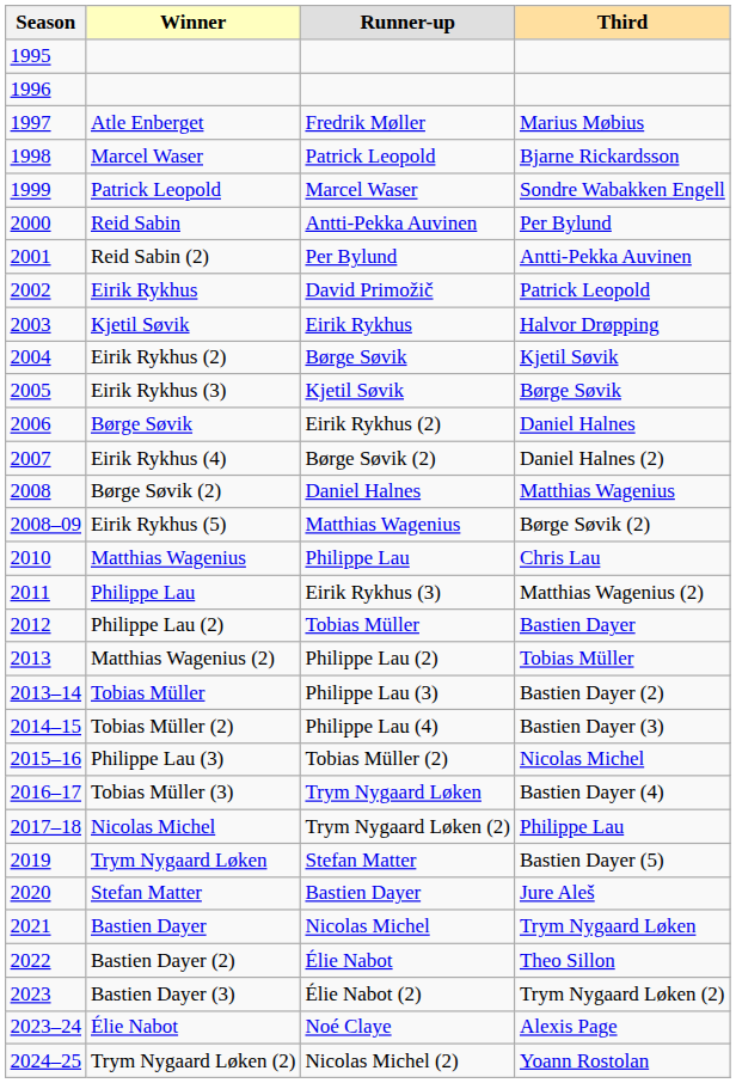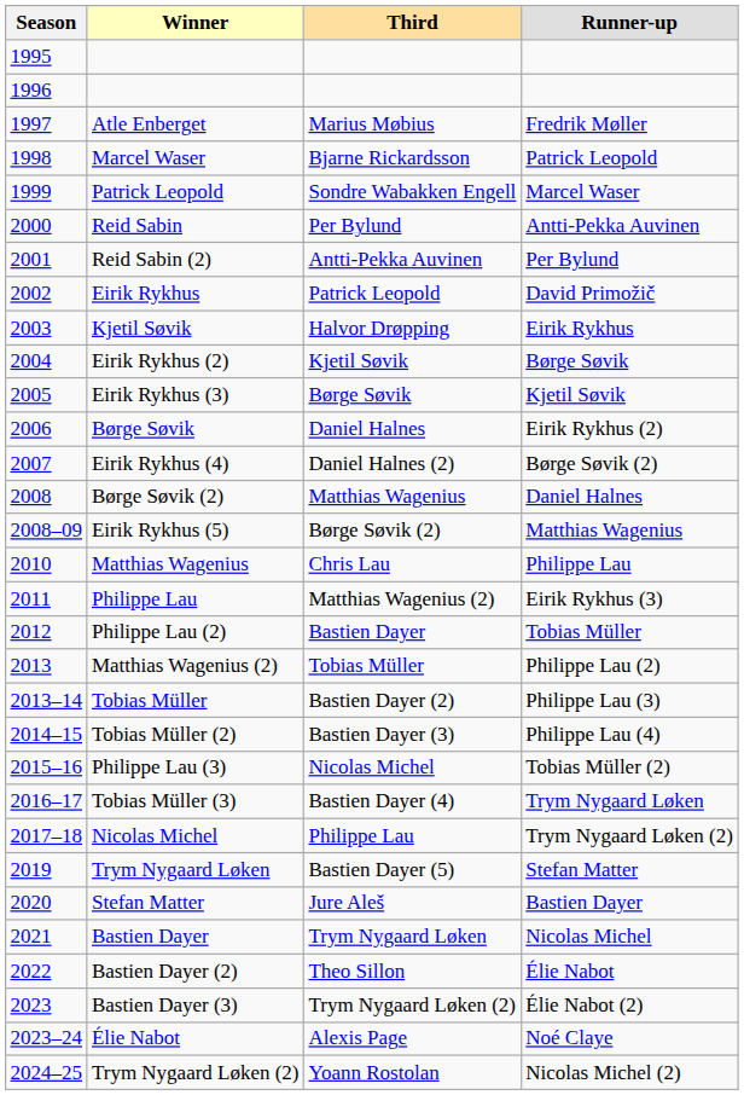 <table class="wikitable" style="font-size: 90%;">
 <tr>
 <th>Season</th>
 <th style="background:#ffffbf;">Winner</th>
+<th style="background:#ffdf9f;">Third</th>
 <th style="background:#dfdfdf;">Runner-up</th>
-<th style="background:#ffdf9f;">Third</th>
 </tr>
 <tr>
 <td><a href='#'>1995</a></td>
 <td></td>
 <td></td>
 <td></td>
 </tr>
 <tr>
 <td><a href='#'>1996</a></td>
 <td></td>
 <td></td>
 <td></td>
 </tr>
 <tr>
 <td><a href='#'>1997</a></td>
 <td> <a href='#'>Atle Enberget</a></td>
+<td> <a href='#'>Marius Møbius</a></td>
 <td> <a href='#'>Fredrik Møller</a></td>
-<td> <a href='#'>Marius Møbius</a></td>
 </tr>
 <tr>
 <td><a href='#'>1998</a></td>
 <td> <a href='#'>Marcel Waser</a></td>
+<td> <a href='#'>Bjarne Rickardsson</a></td>
 <td> <a href='#'>Patrick Leopold</a></td>
-<td> <a href='#'>Bjarne Rickardsson</a></td>
 </tr>
 <tr>
 <td><a href='#'>1999</a></td>
 <td> <a href='#'>Patrick Leopold</a></td>
+<td> <a href='#'>Sondre Wabakken Engell</a></td>
 <td> <a href='#'>Marcel Waser</a></td>
-<td> <a href='#'>Sondre Wabakken Engell</a></td>
 </tr>
 <tr>
 <td><a href='#'>2000</a></td>
 <td> <a href='#'>Reid Sabin</a></td>
+<td> <a href='#'>Per Bylund</a></td>
+<td> <a href='#'>Antti-Pekka Auvinen</a></td>
+</tr>
+<tr>
+<td><a href='#'>2001</a></td>
+<td> Reid Sabin (2)</td>
 <td> <a href='#'>Antti-Pekka Auvinen</a></td>
 <td> <a href='#'>Per Bylund</a></td>
 </tr>
 <tr>
-<td><a href='#'>2001</a></td>
-<td> Reid Sabin (2)</td>
-<td> <a href='#'>Per Bylund</a></td>
-<td> <a href='#'>Antti-Pekka Auvinen</a></td>
-</tr>
-<tr>
 <td><a href='#'>2002</a></td>
 <td> <a href='#'>Eirik Rykhus</a></td>
+<td> <a href='#'>Patrick Leopold</a></td>
 <td> <a href='#'>David Primožič</a></td>
-<td> <a href='#'>Patrick Leopold</a></td>
 </tr>
 <tr>
 <td><a href='#'>2003</a></td>
 <td> <a href='#'>Kjetil Søvik</a></td>
+<td> <a href='#'>Halvor Drøpping</a></td>
 <td> <a href='#'>Eirik Rykhus</a></td>
-<td> <a href='#'>Halvor Drøpping</a></td>
 </tr>
 <tr>
 <td><a href='#'>2004</a></td>
 <td> Eirik Rykhus (2)</td>
+<td> <a href='#'>Kjetil Søvik</a></td>
+<td> <a href='#'>Børge Søvik</a></td>
+</tr>
+<tr>
+<td><a href='#'>2005</a></td>
+<td> Eirik Rykhus (3)</td>
 <td> <a href='#'>Børge Søvik</a></td>
 <td> <a href='#'>Kjetil Søvik</a></td>
 </tr>
 <tr>
-<td><a href='#'>2005</a></td>
-<td> Eirik Rykhus (3)</td>
-<td> <a href='#'>Kjetil Søvik</a></td>
-<td> <a href='#'>Børge Søvik</a></td>
-</tr>
-<tr>
 <td><a href='#'>2006</a></td>
 <td> <a href='#'>Børge Søvik</a></td>
+<td> <a href='#'>Daniel Halnes</a></td>
 <td> Eirik Rykhus (2)</td>
-<td> <a href='#'>Daniel Halnes</a></td>
 </tr>
 <tr>
 <td><a href='#'>2007</a></td>
 <td> Eirik Rykhus (4)</td>
+<td> Daniel Halnes (2)</td>
 <td> Børge Søvik (2)</td>
-<td> Daniel Halnes (2)</td>
 </tr>
 <tr>
 <td><a href='#'>2008</a></td>
 <td> Børge Søvik (2)</td>
+<td> <a href='#'>Matthias Wagenius</a></td>
 <td> <a href='#'>Daniel Halnes</a></td>
-<td> <a href='#'>Matthias Wagenius</a></td>
 </tr>
 <tr>
 <td><a href='#'>2008–09</a></td>
 <td> Eirik Rykhus (5)</td>
+<td> Børge Søvik (2)</td>
 <td> <a href='#'>Matthias Wagenius</a></td>
-<td> Børge Søvik (2)</td>
 </tr>
 <tr>
 <td><a href='#'>2010</a></td>
 <td> <a href='#'>Matthias Wagenius</a></td>
+<td> <a href='#'>Chris Lau</a></td>
 <td> <a href='#'>Philippe Lau</a></td>
-<td> <a href='#'>Chris Lau</a></td>
 </tr>
 <tr>
 <td><a href='#'>2011</a></td>
 <td> <a href='#'>Philippe Lau</a></td>
+<td> Matthias Wagenius (2)</td>
 <td> Eirik Rykhus (3)</td>
-<td> Matthias Wagenius (2)</td>
 </tr>
 <tr>
 <td><a href='#'>2012</a></td>
 <td> Philippe Lau (2)</td>
+<td> <a href='#'>Bastien Dayer</a></td>
 <td> <a href='#'>Tobias Müller</a></td>
-<td> <a href='#'>Bastien Dayer</a></td>
 </tr>
 <tr>
 <td><a href='#'>2013</a></td>
 <td> Matthias Wagenius (2)</td>
+<td> <a href='#'>Tobias Müller</a></td>
 <td> Philippe Lau (2)</td>
-<td> <a href='#'>Tobias Müller</a></td>
 </tr>
 <tr>
 <td><a href='#'>2013–14</a></td>
 <td> <a href='#'>Tobias Müller</a></td>
+<td> Bastien Dayer (2)</td>
 <td> Philippe Lau (3)</td>
-<td> Bastien Dayer (2)</td>
 </tr>
 <tr>
 <td><a href='#'>2014–15</a></td>
 <td> Tobias Müller (2)</td>
+<td> Bastien Dayer (3)</td>
 <td> Philippe Lau (4)</td>
-<td> Bastien Dayer (3)</td>
 </tr>
 <tr>
 <td><a href='#'>2015–16</a></td>
 <td> Philippe Lau (3)</td>
+<td> <a href='#'>Nicolas Michel</a></td>
 <td> Tobias Müller (2)</td>
-<td> <a href='#'>Nicolas Michel</a></td>
 </tr>
 <tr>
 <td><a href='#'>2016–17</a></td>
 <td> Tobias Müller (3)</td>
+<td> Bastien Dayer (4)</td>
 <td> <a href='#'>Trym Nygaard Løken</a></td>
-<td> Bastien Dayer (4)</td>
 </tr>
 <tr>
 <td><a href='#'>2017–18</a></td>
 <td> <a href='#'>Nicolas Michel</a></td>
+<td> <a href='#'>Philippe Lau</a></td>
 <td> Trym Nygaard Løken (2)</td>
-<td> <a href='#'>Philippe Lau</a></td>
 </tr>
 <tr>
 <td><a href='#'>2019</a></td>
 <td> <a href='#'>Trym Nygaard Løken</a></td>
+<td> Bastien Dayer (5)</td>
 <td> <a href='#'>Stefan Matter</a></td>
-<td> Bastien Dayer (5)</td>
 </tr>
 <tr>
 <td><a href='#'>2020</a></td>
 <td> <a href='#'>Stefan Matter</a></td>
+<td> <a href='#'>Jure Aleš</a></td>
 <td> <a href='#'>Bastien Dayer</a></td>
-<td> <a href='#'>Jure Aleš</a></td>
 </tr>
 <tr>
 <td><a href='#'>2021</a></td>
 <td> <a href='#'>Bastien Dayer</a></td>
+<td> <a href='#'>Trym Nygaard Løken</a></td>
 <td> <a href='#'>Nicolas Michel</a></td>
-<td> <a href='#'>Trym Nygaard Løken</a></td>
 </tr>
 <tr>
 <td><a href='#'>2022</a></td>
 <td> Bastien Dayer (2)</td>
+<td> <a href='#'>Theo Sillon</a></td>
 <td> <a href='#'>Élie Nabot</a></td>
-<td> <a href='#'>Theo Sillon</a></td>
 </tr>
 <tr>
 <td><a href='#'>2023</a></td>
 <td> Bastien Dayer (3)</td>
+<td> Trym Nygaard Løken (2)</td>
 <td> Élie Nabot (2)</td>
-<td> Trym Nygaard Løken (2)</td>
 </tr>
 <tr>
 <td><a href='#'>2023–24</a></td>
 <td> <a href='#'>Élie Nabot</a></td>
+<td> <a href='#'>Alexis Page</a></td>
 <td> <a href='#'>Noé Claye</a></td>
-<td> <a href='#'>Alexis Page</a></td>
 </tr>
 <tr>
 <td><a href='#'>2024–25</a></td>
 <td> Trym Nygaard Løken (2)</td>
+<td> <a href='#'>Yoann Rostolan</a></td>
 <td> Nicolas Michel (2)</td>
-<td> <a href='#'>Yoann Rostolan</a></td>
 </tr>
 </table>
